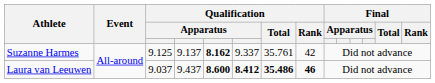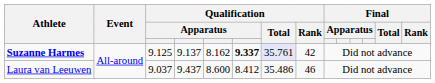 <table class="wikitable" style="font-size:90%">
 <tr>
 <th rowspan=3>Athlete</th>
 <th rowspan=3>Event</th>
 <th colspan=6>Qualification</th>
 <th colspan=6>Final</th>
 </tr>
 <tr style="font-size:95%">
 <th colspan=4>Apparatus</th>
 <th rowspan=2>Total</th>
 <th rowspan=2>Rank</th>
 <th colspan=4>Apparatus</th>
 <th rowspan=2>Total</th>
 <th rowspan=2>Rank</th>
 </tr>
 <tr style="font-size:95%">
 <th></th>
 <th></th>
 <th></th>
 <th></th>
 <th></th>
 <th></th>
 <th></th>
 <th></th>
 </tr>
 <tr align=center>
-<td align=left><a href='#'>Suzanne Harmes</a></td>
+<td align=left><strong><a href='#'>Suzanne Harmes</a></strong></td>
 <td align=left rowspan=2><a href='#'>All-around</a></td>
 <td>9.125</td>
 <td>9.137</td>
-<td><strong>8.162</strong></td>
-<td>9.337</td>
-<td>35.761</td>
+<td>8.162</td>
+<td><strong>9.337</strong></td>
+<td style="background: lavender;">35.761</td>
 <td>42</td>
 <td colspan=6>Did not advance</td>
 </tr>
 <tr align=center>
 <td align=left><a href='#'>Laura van Leeuwen</a></td>
 <td>9.037</td>
 <td>9.437</td>
-<td><strong>8.600</strong></td>
-<td><strong>8.412</strong></td>
-<td><strong>35.486</strong></td>
-<td><strong>46</strong></td>
+<td>8.600</td>
+<td>8.412</td>
+<td>35.486</td>
+<td>46</td>
 <td colspan=6>Did not advance</td>
 </tr>
 </table>
